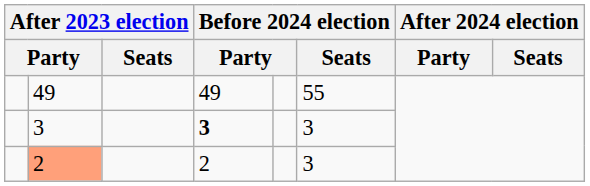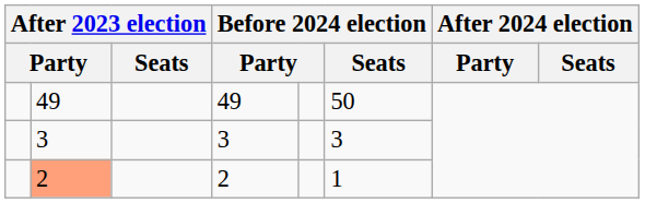 <table class="wikitable">
 <tr>
 <th colspan="3">After <a href='#'>2023 election</a></th>
 <th colspan="3">Before 2024 election</th>
 <th colspan="3">After 2024 election</th>
 </tr>
 <tr>
 <th colspan="2">Party</th>
 <th>Seats</th>
 <th colspan="2">Party</th>
 <th>Seats</th>
 <th colspan="2">Party</th>
 <th>Seats</th>
 </tr>
 <tr>
 <td></td>
 <td>49</td>
 <td></td>
 <td>49</td>
 <td></td>
-<td>55</td>
+<td>50</td>
 </tr>
 <tr>
 <td></td>
 <td>3</td>
 <td></td>
-<td><strong>3</strong></td>
+<td>3</td>
 <td></td>
 <td>3</td>
 </tr>
 <tr>
 <td></td>
 <td style="background: lightsalmon;">2</td>
 <td></td>
 <td>2</td>
 <td></td>
-<td>3</td>
+<td>1</td>
 </tr>
 </table>
